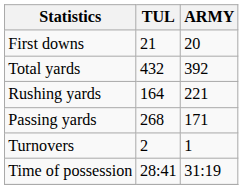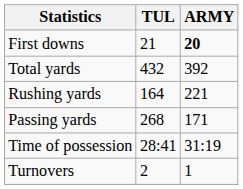 <table class="wikitable" style="float: left;">
 <tr>
 <th>Statistics</th>
 <th>TUL</th>
 <th>ARMY</th>
 </tr>
 <tr>
 <td>First downs</td>
 <td>21</td>
-<td>20</td>
+<td><strong>20</strong></td>
 </tr>
 <tr>
 <td>Total yards</td>
 <td>432</td>
 <td>392</td>
 </tr>
 <tr>
 <td>Rushing yards</td>
 <td>164</td>
 <td>221</td>
 </tr>
 <tr>
 <td>Passing yards</td>
 <td>268</td>
 <td>171</td>
 </tr>
 <tr>
+<td>Time of possession</td>
+<td>28:41</td>
+<td>31:19</td>
+</tr>
+<tr>
 <td>Turnovers</td>
 <td>2</td>
 <td>1</td>
 </tr>
 <tr>
-<td>Time of possession</td>
-<td>28:41</td>
-<td>31:19</td>
-</tr>
-<tr>
 </tr>
 </table>
